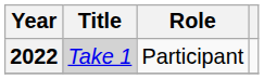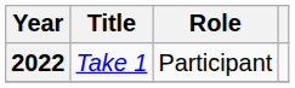 <table class="wikitable  plainrowheaders">
 <tr>
 <th scope="col">Year</th>
 <th scope="col">Title</th>
 <th scope="col">Role</th>
 <th scope="col" class="unsortable"></th>
 </tr>
 <tr>
 <th scope="row">2022</th>
-<td style="background: lightgrey;"><em><a href='#'>Take 1</a></em></td>
+<td><em><a href='#'>Take 1</a></em></td>
 <td>Participant</td>
 <td></td>
 </tr>
 <tr>
 </tr>
 </table>
